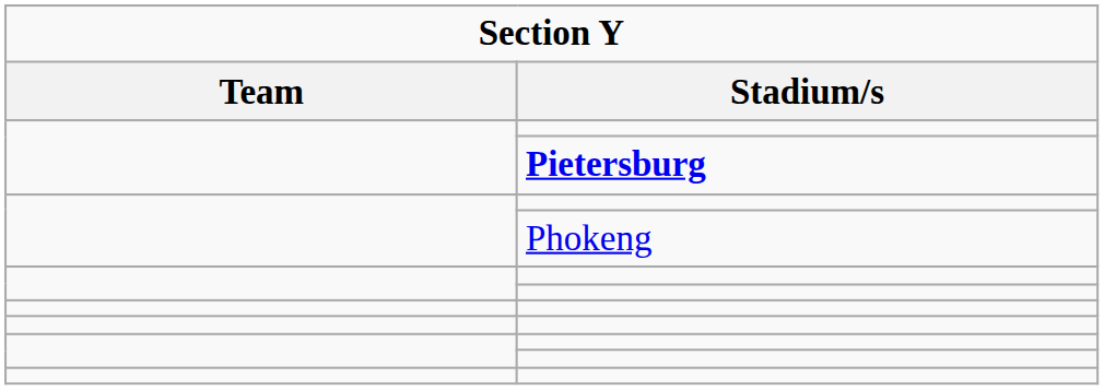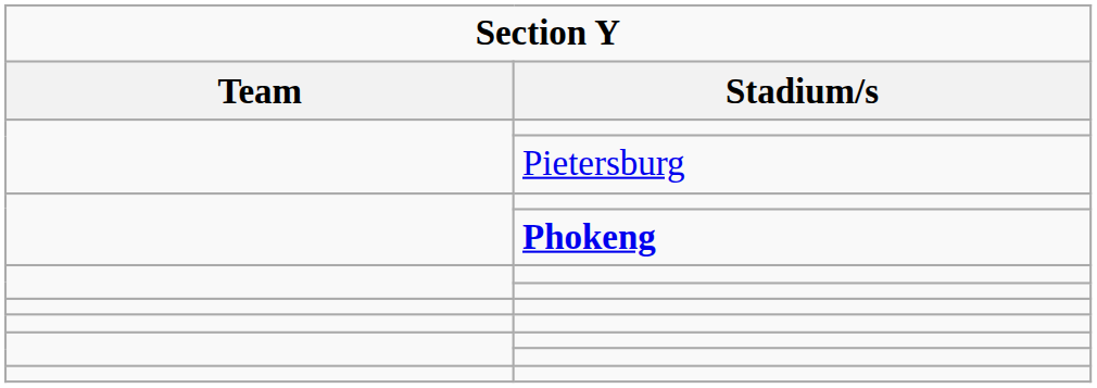 <table class="wikitable">
 <tr>
 <td colspan=3 align=center><strong>Section Y</strong></td>
 </tr>
 <tr>
 <th width="220">Team</th>
 <th width="250">Stadium/s</th>
 </tr>
 <tr>
 <td rowspan=2></td>
 <td></td>
 </tr>
 <tr>
-<td><strong><a href='#'>Pietersburg</a></strong></td>
+<td><a href='#'>Pietersburg</a></td>
 </tr>
 <tr>
 <td rowspan=2></td>
 <td></td>
 </tr>
 <tr>
-<td><a href='#'>Phokeng</a></td>
+<td><strong><a href='#'>Phokeng</a></strong></td>
 </tr>
 <tr>
 <td rowspan=2></td>
 <td></td>
 </tr>
 <tr>
 <td></td>
 </tr>
 <tr>
 <td></td>
 <td></td>
 </tr>
 <tr>
 <td></td>
 <td></td>
 </tr>
 <tr>
 <td rowspan=2></td>
 <td></td>
 </tr>
 <tr>
 <td></td>
 </tr>
 <tr>
 <td></td>
 <td></td>
 </tr>
 </table>
